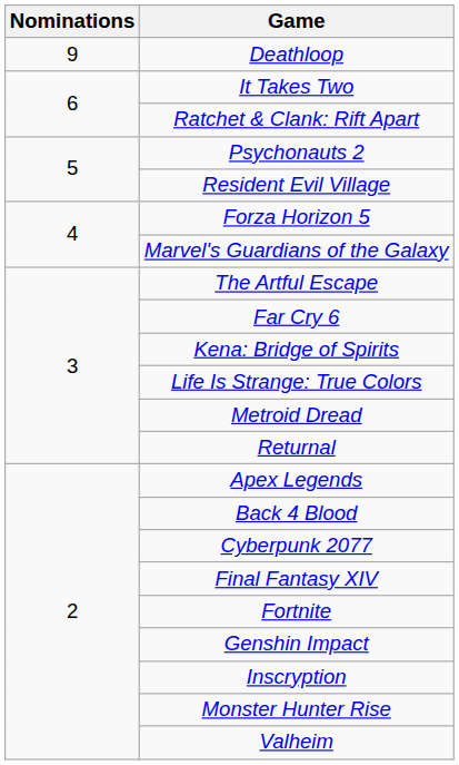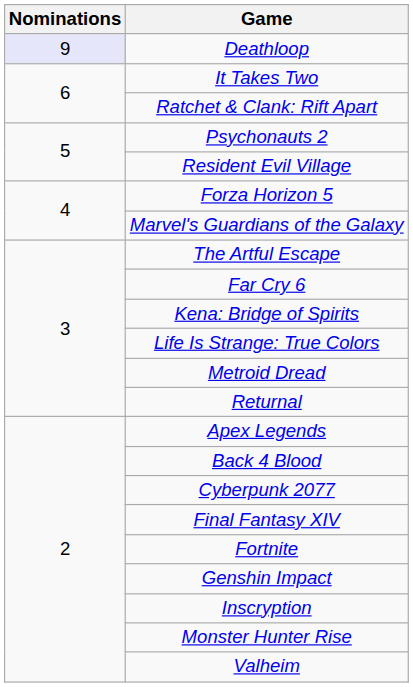 <table class="wikitable" rowspan="2" style="text-align:center;">
 <tr>
 <th scope="col" style="width:55px;">Nominations</th>
 <th scope="col" style="text-align:center;">Game</th>
 </tr>
 <tr>
-<td>9</td>
+<td style="background: lavender;">9</td>
 <td><em><a href='#'>Deathloop</a></em></td>
 </tr>
 <tr>
 <td rowspan="2">6</td>
 <td><em><a href='#'>It Takes Two</a></em></td>
 </tr>
 <tr>
 <td><em><a href='#'>Ratchet & Clank: Rift Apart</a></em></td>
 </tr>
 <tr>
 <td rowspan="2">5</td>
 <td><em><a href='#'>Psychonauts 2</a></em></td>
 </tr>
 <tr>
 <td><em><a href='#'>Resident Evil Village</a></em></td>
 </tr>
 <tr>
 <td rowspan="2">4</td>
 <td><em><a href='#'>Forza Horizon 5</a></em></td>
 </tr>
 <tr>
 <td><em><a href='#'>Marvel's Guardians of the Galaxy</a></em></td>
 </tr>
 <tr>
 <td rowspan="6">3</td>
 <td><em><a href='#'>The Artful Escape</a></em></td>
 </tr>
 <tr>
 <td><em><a href='#'>Far Cry 6</a></em></td>
 </tr>
 <tr>
 <td><em><a href='#'>Kena: Bridge of Spirits</a></em></td>
 </tr>
 <tr>
 <td><em><a href='#'>Life Is Strange: True Colors</a></em></td>
 </tr>
 <tr>
 <td><em><a href='#'>Metroid Dread</a></em></td>
 </tr>
 <tr>
 <td><em><a href='#'>Returnal</a></em></td>
 </tr>
 <tr>
 <td rowspan="9">2</td>
 <td><em><a href='#'>Apex Legends</a></em></td>
 </tr>
 <tr>
 <td><em><a href='#'>Back 4 Blood</a></em></td>
 </tr>
 <tr>
 <td><em><a href='#'>Cyberpunk 2077</a></em></td>
 </tr>
 <tr>
 <td><em><a href='#'>Final Fantasy XIV</a></em></td>
 </tr>
 <tr>
 <td><em><a href='#'>Fortnite</a></em></td>
 </tr>
 <tr>
 <td><em><a href='#'>Genshin Impact</a></em></td>
 </tr>
 <tr>
 <td><em><a href='#'>Inscryption</a></em></td>
 </tr>
 <tr>
 <td><em><a href='#'>Monster Hunter Rise</a></em></td>
 </tr>
 <tr>
 <td><em><a href='#'>Valheim</a></em></td>
 </tr>
 </table>
